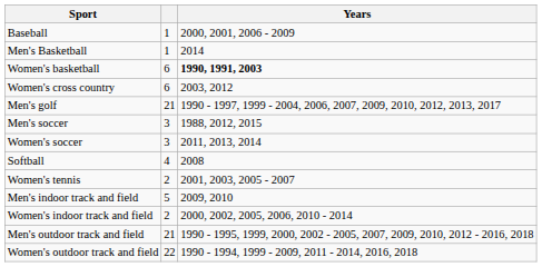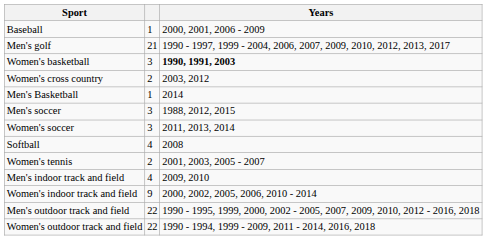 <table class="wikitable">
 <tr>
 <th>Sport</th>
 <th></th>
 <th>Years</th>
 </tr>
 <tr>
 <td>Baseball</td>
 <td>1</td>
 <td>2000, 2001, 2006 - 2009</td>
 </tr>
 <tr>
-<td>Men's Basketball</td>
-<td>1</td>
-<td>2014</td>
+<td>Men's golf</td>
+<td>21</td>
+<td>1990 - 1997, 1999 - 2004, 2006, 2007, 2009, 2010, 2012, 2013, 2017</td>
 </tr>
 <tr>
 <td>Women's basketball</td>
-<td>6</td>
+<td>3</td>
 <td><strong>1990, 1991, 2003</strong></td>
 </tr>
 <tr>
 <td>Women's cross country</td>
-<td>6</td>
+<td>2</td>
 <td>2003, 2012</td>
 </tr>
 <tr>
-<td>Men's golf</td>
-<td>21</td>
-<td>1990 - 1997, 1999 - 2004, 2006, 2007, 2009, 2010, 2012, 2013, 2017</td>
+<td>Men's Basketball</td>
+<td>1</td>
+<td>2014</td>
 </tr>
 <tr>
 <td>Men's soccer</td>
 <td>3</td>
 <td>1988, 2012, 2015</td>
 </tr>
 <tr>
 <td>Women's soccer</td>
 <td>3</td>
 <td>2011, 2013, 2014</td>
 </tr>
 <tr>
 <td>Softball</td>
 <td>4</td>
 <td>2008</td>
 </tr>
 <tr>
 <td>Women's tennis</td>
 <td>2</td>
 <td>2001, 2003, 2005 - 2007</td>
 </tr>
 <tr>
 <td>Men's indoor track and field</td>
-<td>5</td>
+<td>4</td>
 <td>2009, 2010</td>
 </tr>
 <tr>
 <td>Women's indoor track and field</td>
-<td>2</td>
+<td>9</td>
 <td>2000, 2002, 2005, 2006, 2010 - 2014</td>
 </tr>
 <tr>
 <td>Men's outdoor track and field</td>
-<td>21</td>
+<td>22</td>
 <td>1990 - 1995, 1999, 2000, 2002 - 2005, 2007, 2009, 2010, 2012 - 2016, 2018</td>
 </tr>
 <tr>
 <td>Women's outdoor track and field</td>
 <td>22</td>
 <td>1990 - 1994, 1999 - 2009, 2011 - 2014, 2016, 2018</td>
 </tr>
 </table>
